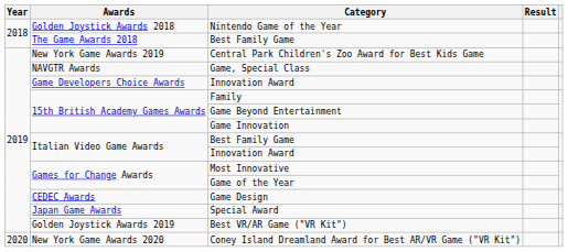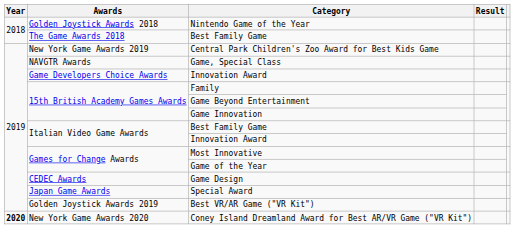 <table class="wikitable">
 <tr>
 <th>Year</th>
 <th>Awards</th>
 <th>Category</th>
 <th>Result</th>
 <th></th>
 </tr>
 <tr>
 <td rowspan="2">2018</td>
 <td><a href='#'>Golden Joystick Awards</a> 2018</td>
 <td>Nintendo Game of the Year</td>
 <td></td>
 <td></td>
 </tr>
 <tr>
 <td><a href='#'>The Game Awards 2018</a></td>
 <td>Best Family Game</td>
 <td></td>
 <td></td>
 </tr>
 <tr>
 <td rowspan="13">2019</td>
 <td>New York Game Awards 2019</td>
 <td>Central Park Children's Zoo Award for Best Kids Game</td>
 <td></td>
 <td></td>
 </tr>
 <tr>
 <td>NAVGTR Awards</td>
 <td>Game, Special Class</td>
 <td></td>
 <td></td>
 </tr>
 <tr>
 <td><a href='#'>Game Developers Choice Awards</a></td>
 <td>Innovation Award</td>
 <td></td>
 <td></td>
 </tr>
 <tr>
 <td rowspan="3"><a href='#'>15th British Academy Games Awards</a></td>
 <td>Family</td>
 <td></td>
 <td rowspan="3"></td>
 </tr>
 <tr>
 <td>Game Beyond Entertainment</td>
 <td></td>
 </tr>
 <tr>
 <td>Game Innovation</td>
 <td></td>
 </tr>
 <tr>
 <td rowspan="2">Italian Video Game Awards</td>
 <td>Best Family Game</td>
 <td></td>
 <td rowspan="2"></td>
 </tr>
 <tr>
 <td>Innovation Award</td>
 <td></td>
 </tr>
 <tr>
 <td rowspan="2"><a href='#'>Games for Change</a> Awards</td>
 <td>Most Innovative</td>
 <td></td>
 <td rowspan="2"></td>
 </tr>
 <tr>
 <td>Game of the Year</td>
 <td></td>
 </tr>
 <tr>
 <td><a href='#'>CEDEC Awards</a></td>
 <td>Game Design</td>
 <td></td>
 <td></td>
 </tr>
 <tr>
 <td><a href='#'>Japan Game Awards</a></td>
 <td>Special Award</td>
 <td></td>
 <td></td>
 </tr>
 <tr>
 <td>Golden Joystick Awards 2019</td>
 <td>Best VR/AR Game ("VR Kit")</td>
 <td></td>
 <td></td>
 </tr>
 <tr>
-<td>2020</td>
+<td><strong>2020</strong></td>
 <td>New York Game Awards 2020</td>
 <td>Coney Island Dreamland Award for Best AR/VR Game ("VR Kit")</td>
 <td></td>
 <td></td>
 </tr>
 </table>
